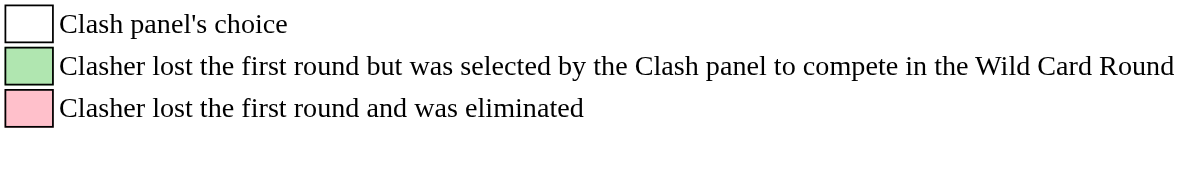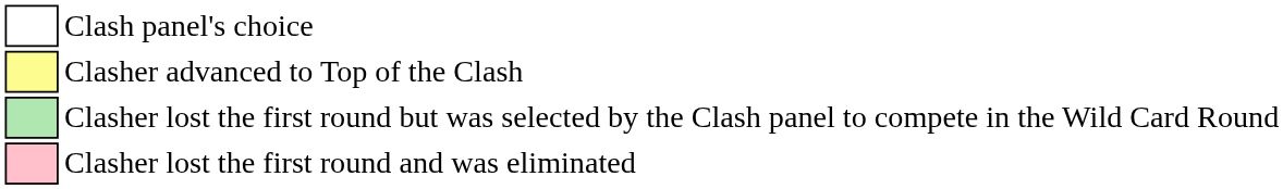 <table class="toccolours" style="white-space: nowrap;">
 <tr>
 <td style="background:white; border: 1px solid black;"> <strong></strong> </td>
 <td>Clash panel's choice</td>
+</tr>
+<tr>
+<td style="background:#fdfc8f; border: 1px solid black">    </td>
+<td>Clasher advanced to Top of the Clash</td>
 </tr>
 <tr>
 <td style="background:#b0e6b0; border:1px solid black;">      </td>
 <td>Clasher lost the first round but was selected by the Clash panel to compete in the Wild Card Round</td>
 </tr>
 <tr>
 <td style="background:pink; border:1px solid black;">      </td>
 <td>Clasher lost the first round and was eliminated</td>
 </tr>
 </table>
